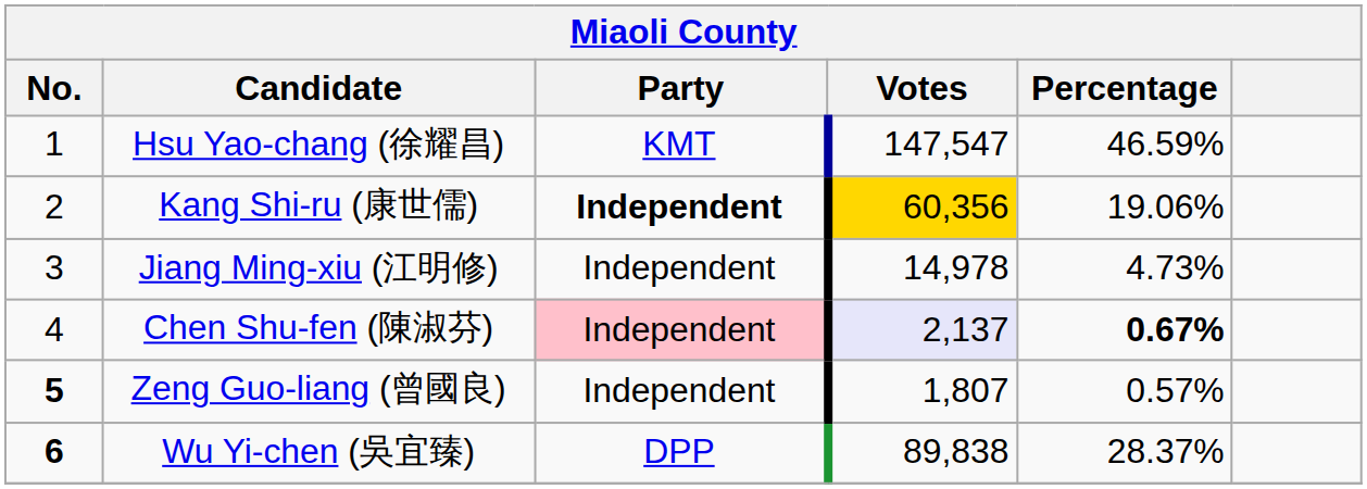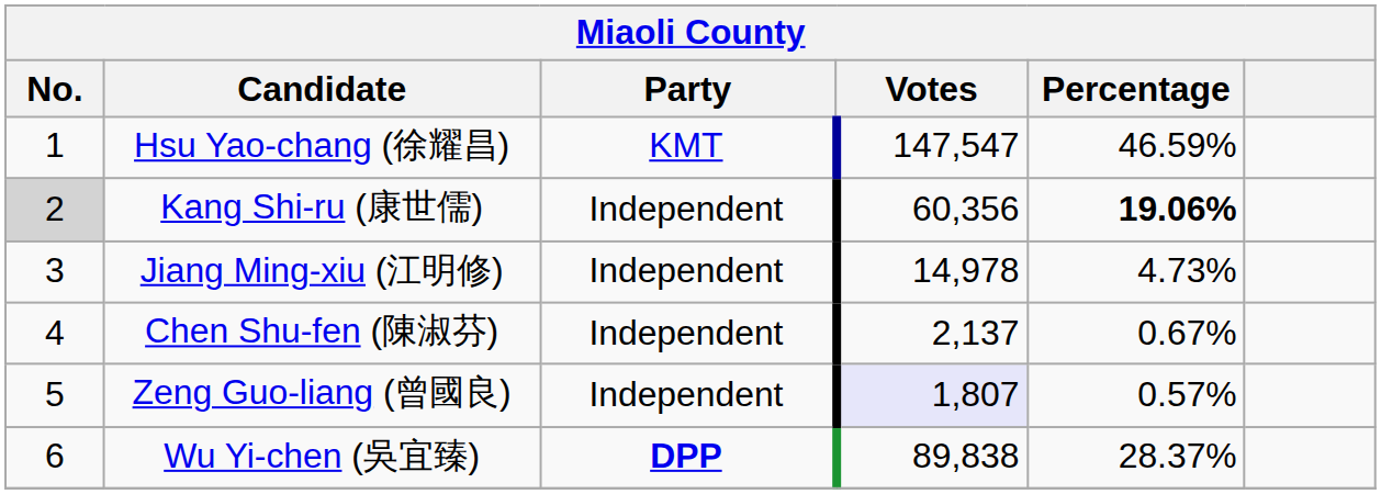 <table class="wikitable collapsible" style="text-align:center">
 <tr>
 <th colspan="7" width=620px><a href='#'>Miaoli County</a></th>
 </tr>
 <tr>
 <th width=35>No.</th>
 <th width=180>Candidate</th>
 <th width=120>Party</th>
 <th width=75>Votes</th>
 <th width=75>Percentage</th>
 <th width=49></th>
 </tr>
 <tr>
 <td>1</td>
 <td><a href='#'>Hsu Yao-chang</a> (徐耀昌)</td>
 <td><a href='#'>KMT</a></td>
 <td style="border-left:4px solid #000099;" align="right">147,547</td>
 <td align="right">46.59%</td>
 <td align="center"></td>
 </tr>
 <tr>
-<td>2</td>
+<td style="background: lightgrey;">2</td>
 <td><a href='#'>Kang Shi-ru</a> (康世儒)</td>
-<td><strong>Independent</strong></td>
-<td style="background: gold; border-left:4px solid #000000;" align="right">60,356</td>
-<td align="right">19.06%</td>
+<td>Independent</td>
+<td style="border-left:4px solid #000000;" align="right">60,356</td>
+<td align="right"><strong>19.06%</strong></td>
 <td align="center"></td>
 </tr>
 <tr>
 <td>3</td>
 <td><a href='#'>Jiang Ming-xiu</a> (江明修)</td>
 <td>Independent</td>
 <td style="border-left:4px solid #000000;" align="right">14,978</td>
 <td align="right">4.73%</td>
 <td align="center"></td>
 </tr>
 <tr>
 <td>4</td>
 <td><a href='#'>Chen Shu-fen</a> (陳淑芬)</td>
-<td style="background: pink;">Independent</td>
-<td style="background: lavender; border-left:4px solid #000000;" align="right">2,137</td>
-<td align="right"><strong>0.67%</strong></td>
+<td>Independent</td>
+<td style="border-left:4px solid #000000;" align="right">2,137</td>
+<td align="right">0.67%</td>
 <td align="center"></td>
 </tr>
 <tr>
-<td><strong>5</strong></td>
+<td>5</td>
 <td><a href='#'>Zeng Guo-liang</a> (曾國良)</td>
 <td>Independent</td>
-<td style="border-left:4px solid #000000;" align="right">1,807</td>
+<td style="background: lavender; border-left:4px solid #000000;" align="right">1,807</td>
 <td align="right">0.57%</td>
 <td align="center"></td>
 </tr>
 <tr>
-<td><strong>6</strong></td>
+<td>6</td>
 <td><a href='#'>Wu Yi-chen</a> (吳宜臻)</td>
-<td><a href='#'>DPP</a></td>
+<td><strong><a href='#'>DPP</a></strong></td>
 <td style="border-left:4px solid #1B9431;" align="right">89,838</td>
 <td align="right">28.37%</td>
 <td align="center"></td>
 </tr>
 <tr bgcolor=EEEEEE>
 </tr>
 </table>
